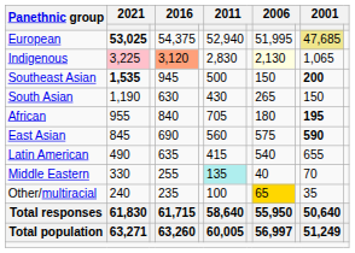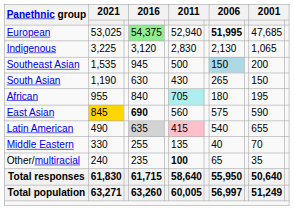 <table class="wikitable collapsible sortable">
 <tr>
 <th rowspan="2"><a href='#'>Panethnic</a> group</th>
 <th colspan="2">2021</th>
 <th colspan="2">2016</th>
 <th colspan="2">2011</th>
 <th colspan="2">2006</th>
 <th colspan="2">2001</th>
 </tr>
 <tr>
 <th><a href='#'></a></th>
 <th></th>
 <th></th>
 <th></th>
 <th></th>
 <th></th>
 <th></th>
 <th></th>
 <th></th>
 <th></th>
 </tr>
 <tr>
 <td><a href='#'>European</a></td>
-<td><strong>53,025</strong></td>
+<td>53,025</td>
 <td></td>
-<td>54,375</td>
+<td style="background: lightgreen;">54,375</td>
 <td></td>
 <td>52,940</td>
 <td></td>
-<td>51,995</td>
+<td><strong>51,995</strong></td>
 <td></td>
-<td style="background: khaki;">47,685</td>
+<td>47,685</td>
 <td></td>
 </tr>
 <tr>
 <td><a href='#'>Indigenous</a></td>
-<td style="background: pink;">3,225</td>
+<td>3,225</td>
 <td></td>
-<td style="background: lightsalmon;">3,120</td>
+<td>3,120</td>
 <td></td>
 <td>2,830</td>
 <td></td>
-<td style="background: lightyellow;">2,130</td>
+<td>2,130</td>
 <td></td>
 <td>1,065</td>
 <td></td>
 </tr>
 <tr>
 <td><a href='#'>Southeast Asian</a></td>
-<td><strong>1,535</strong></td>
+<td>1,535</td>
 <td></td>
 <td>945</td>
 <td></td>
 <td>500</td>
 <td></td>
-<td>150</td>
+<td style="background: lightblue;">150</td>
 <td></td>
-<td><strong>200</strong></td>
+<td>200</td>
 <td></td>
 </tr>
 <tr>
 <td><a href='#'>South Asian</a></td>
 <td>1,190</td>
 <td></td>
 <td>630</td>
 <td></td>
 <td>430</td>
 <td></td>
 <td>265</td>
 <td></td>
 <td>150</td>
 <td></td>
 </tr>
 <tr>
 <td><a href='#'>African</a></td>
 <td>955</td>
 <td></td>
 <td>840</td>
 <td></td>
-<td>705</td>
+<td style="background: paleturquoise;">705</td>
 <td></td>
 <td>180</td>
 <td></td>
-<td><strong>195</strong></td>
+<td>195</td>
 <td></td>
 </tr>
 <tr>
 <td><a href='#'>East Asian</a></td>
-<td>845</td>
+<td style="background: gold;">845</td>
 <td></td>
-<td>690</td>
+<td><strong>690</strong></td>
 <td></td>
 <td>560</td>
 <td></td>
 <td>575</td>
 <td></td>
-<td><strong>590</strong></td>
+<td>590</td>
 <td></td>
 </tr>
 <tr>
 <td><a href='#'>Latin American</a></td>
 <td>490</td>
 <td></td>
-<td>635</td>
+<td style="background: lightgrey;">635</td>
 <td></td>
-<td>415</td>
+<td style="background: pink;">415</td>
 <td></td>
 <td>540</td>
 <td></td>
 <td>655</td>
 <td></td>
 </tr>
 <tr>
 <td><a href='#'>Middle Eastern</a></td>
 <td>330</td>
 <td></td>
 <td>255</td>
 <td></td>
-<td style="background: paleturquoise;">135</td>
+<td>135</td>
 <td></td>
 <td>40</td>
 <td></td>
 <td>70</td>
 <td></td>
 </tr>
 <tr>
 <td>Other/<a href='#'>multiracial</a></td>
 <td>240</td>
 <td></td>
 <td>235</td>
 <td></td>
-<td>100</td>
+<td><strong>100</strong></td>
 <td></td>
-<td style="background: gold;">65</td>
+<td>65</td>
 <td></td>
 <td>35</td>
 <td></td>
 </tr>
 <tr>
 <th>Total responses</th>
 <th>61,830</th>
 <th></th>
 <th>61,715</th>
 <th></th>
 <th>58,640</th>
 <th></th>
 <th>55,950</th>
 <th></th>
 <th>50,640</th>
 <th></th>
 </tr>
 <tr class="sortbottom">
 <th>Total population</th>
 <th>63,271</th>
 <th></th>
 <th>63,260</th>
 <th></th>
 <th>60,005</th>
 <th></th>
 <th>56,997</th>
 <th></th>
 <th>51,249</th>
 <th></th>
 </tr>
 <tr class="sortbottom">
 <td colspan="11"></td>
 </tr>
 </table>
